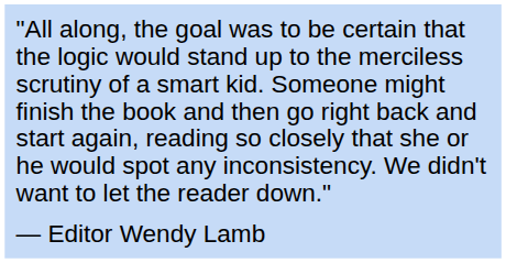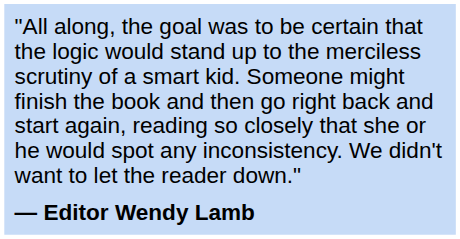 <table class="toccolours" style="float: right; margin-left: 1em; margin-right: .5em; font-size: 85%; background:#c6dbf7; color:black; width:20em; max-width: 25%;" cellspacing="5">
 <tr>
 <td style="text-align: left;">"All along, the goal was to be certain that the logic would stand up to the merciless scrutiny of a smart kid. Someone might finish the book and then go right back and start again, reading so closely that she or he would spot any inconsistency. We didn't want to let the reader down."</td>
 </tr>
 <tr>
-<td style="text-align: left;">— Editor Wendy Lamb</td>
+<td style="text-align: left;"><strong>— Editor Wendy Lamb</strong></td>
 </tr>
 </table>
